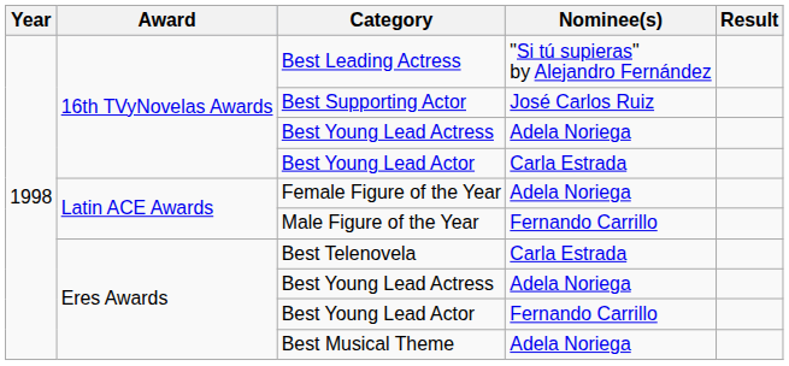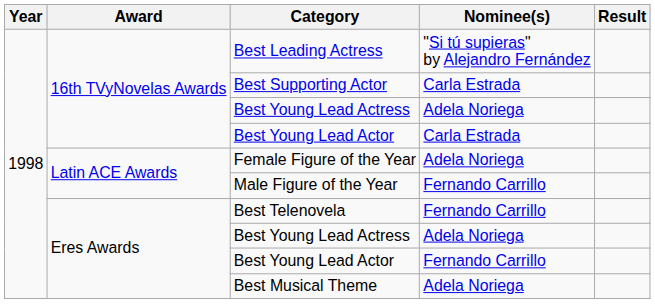 <table class="wikitable">
 <tr style="background:#b0c4de;">
 <th>Year</th>
 <th>Award</th>
 <th>Category</th>
 <th>Nominee(s)</th>
 <th>Result</th>
 </tr>
 <tr>
 <td rowspan=10>1998</td>
 <td rowspan=4><a href='#'>16th TVyNovelas Awards</a></td>
 <td><a href='#'>Best Leading Actress</a></td>
 <td>"<a href='#'>Si tú supieras</a>" <br> by <a href='#'>Alejandro Fernández</a></td>
 <td></td>
 </tr>
 <tr>
 <td><a href='#'>Best Supporting Actor</a></td>
-<td><a href='#'>José Carlos Ruiz</a></td>
+<td><a href='#'>Carla Estrada</a></td>
 <td></td>
 </tr>
 <tr>
 <td><a href='#'>Best Young Lead Actress</a></td>
 <td><a href='#'>Adela Noriega</a></td>
 <td></td>
 </tr>
 <tr>
 <td><a href='#'>Best Young Lead Actor</a></td>
 <td><a href='#'>Carla Estrada</a></td>
 <td></td>
 </tr>
 <tr>
 <td rowspan=2><a href='#'>Latin ACE Awards</a></td>
 <td>Female Figure of the Year</td>
 <td><a href='#'>Adela Noriega</a></td>
 <td></td>
 </tr>
 <tr>
 <td>Male Figure of the Year</td>
 <td><a href='#'>Fernando Carrillo</a></td>
 <td></td>
 </tr>
 <tr>
 <td rowspan=4>Eres Awards</td>
 <td>Best Telenovela</td>
-<td><a href='#'>Carla Estrada</a></td>
+<td><a href='#'>Fernando Carrillo</a></td>
 <td></td>
 </tr>
 <tr>
 <td>Best Young Lead Actress</td>
 <td><a href='#'>Adela Noriega</a></td>
 <td></td>
 </tr>
 <tr>
 <td>Best Young Lead Actor</td>
 <td><a href='#'>Fernando Carrillo</a></td>
 <td></td>
 </tr>
 <tr>
 <td>Best Musical Theme</td>
 <td><a href='#'>Adela Noriega</a></td>
 <td></td>
 </tr>
 </table>
